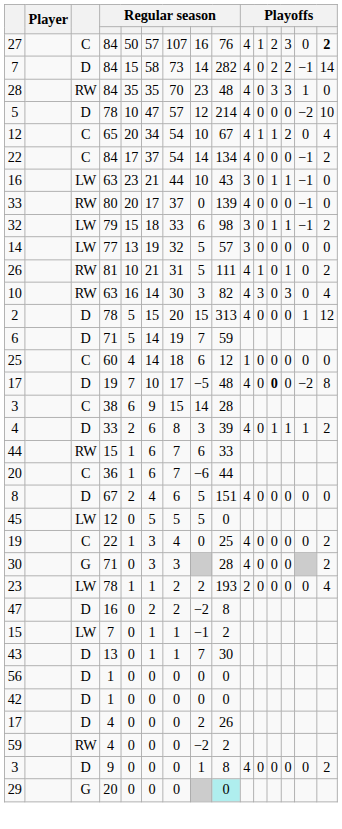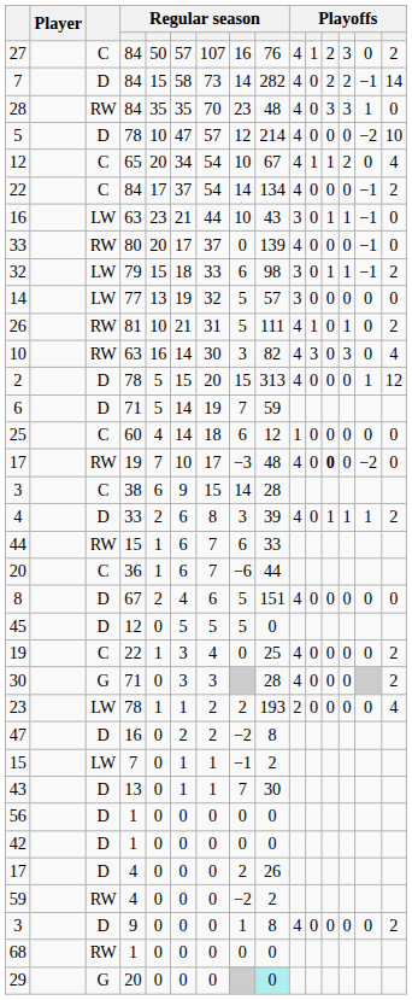 <table class="wikitable sortable plainrowheaders" style="text-align:center;">
 <tr>
 <th scope="col" data-sort-type="number" rowspan="2"></th>
 <th scope="col" rowspan="2">Player</th>
 <th scope="col" rowspan="2"></th>
 <th scope=colgroup colspan=6>Regular season</th>
 <th scope=colgroup colspan=6>Playoffs</th>
 </tr>
 <tr>
 <th scope="col" data-sort-type="number"></th>
 <th scope="col" data-sort-type="number"></th>
 <th scope="col" data-sort-type="number"></th>
 <th scope="col" data-sort-type="number"></th>
 <th scope="col" data-sort-type="number"></th>
 <th scope="col" data-sort-type="number"></th>
 <th scope="col" data-sort-type="number"></th>
 <th scope="col" data-sort-type="number"></th>
 <th scope="col" data-sort-type="number"></th>
 <th scope="col" data-sort-type="number"></th>
 <th scope="col" data-sort-type="number"></th>
 <th scope="col" data-sort-type="number"></th>
 </tr>
 <tr>
 <td scope="row">27</td>
 <td align="left"></td>
 <td>C</td>
 <td>84</td>
 <td>50</td>
 <td>57</td>
 <td>107</td>
 <td>16</td>
 <td>76</td>
 <td>4</td>
 <td>1</td>
 <td>2</td>
 <td>3</td>
 <td>0</td>
-<td><strong>2</strong></td>
+<td>2</td>
 </tr>
 <tr>
 <td scope="row">7</td>
 <td align="left"></td>
 <td>D</td>
 <td>84</td>
 <td>15</td>
 <td>58</td>
 <td>73</td>
 <td>14</td>
 <td>282</td>
 <td>4</td>
 <td>0</td>
 <td>2</td>
 <td>2</td>
 <td>−1</td>
 <td>14</td>
 </tr>
 <tr>
 <td scope="row">28</td>
 <td align="left"></td>
 <td>RW</td>
 <td>84</td>
 <td>35</td>
 <td>35</td>
 <td>70</td>
 <td>23</td>
 <td>48</td>
 <td>4</td>
 <td>0</td>
 <td>3</td>
 <td>3</td>
 <td>1</td>
 <td>0</td>
 </tr>
 <tr>
 <td scope="row">5</td>
 <td align="left"></td>
 <td>D</td>
 <td>78</td>
 <td>10</td>
 <td>47</td>
 <td>57</td>
 <td>12</td>
 <td>214</td>
 <td>4</td>
 <td>0</td>
 <td>0</td>
 <td>0</td>
 <td>−2</td>
 <td>10</td>
 </tr>
 <tr>
 <td scope="row">12</td>
 <td align="left"></td>
 <td>C</td>
 <td>65</td>
 <td>20</td>
 <td>34</td>
 <td>54</td>
 <td>10</td>
 <td>67</td>
 <td>4</td>
 <td>1</td>
 <td>1</td>
 <td>2</td>
 <td>0</td>
 <td>4</td>
 </tr>
 <tr>
 <td scope="row">22</td>
 <td align="left"></td>
 <td>C</td>
 <td>84</td>
 <td>17</td>
 <td>37</td>
 <td>54</td>
 <td>14</td>
 <td>134</td>
 <td>4</td>
 <td>0</td>
 <td>0</td>
 <td>0</td>
 <td>−1</td>
 <td>2</td>
 </tr>
 <tr>
 <td scope="row">16</td>
 <td align="left"></td>
 <td>LW</td>
 <td>63</td>
 <td>23</td>
 <td>21</td>
 <td>44</td>
 <td>10</td>
 <td>43</td>
 <td>3</td>
 <td>0</td>
 <td>1</td>
 <td>1</td>
 <td>−1</td>
 <td>0</td>
 </tr>
 <tr>
 <td scope="row">33</td>
 <td align="left"></td>
 <td>RW</td>
 <td>80</td>
 <td>20</td>
 <td>17</td>
 <td>37</td>
 <td>0</td>
 <td>139</td>
 <td>4</td>
 <td>0</td>
 <td>0</td>
 <td>0</td>
 <td>−1</td>
 <td>0</td>
 </tr>
 <tr>
 <td scope="row">32</td>
 <td align="left"></td>
 <td>LW</td>
 <td>79</td>
 <td>15</td>
 <td>18</td>
 <td>33</td>
 <td>6</td>
 <td>98</td>
 <td>3</td>
 <td>0</td>
 <td>1</td>
 <td>1</td>
 <td>−1</td>
 <td>2</td>
 </tr>
 <tr>
 <td scope="row">14</td>
 <td align="left"></td>
 <td>LW</td>
 <td>77</td>
 <td>13</td>
 <td>19</td>
 <td>32</td>
 <td>5</td>
 <td>57</td>
 <td>3</td>
 <td>0</td>
 <td>0</td>
 <td>0</td>
 <td>0</td>
 <td>0</td>
 </tr>
 <tr>
 <td scope="row">26</td>
 <td align="left"></td>
 <td>RW</td>
 <td>81</td>
 <td>10</td>
 <td>21</td>
 <td>31</td>
 <td>5</td>
 <td>111</td>
 <td>4</td>
 <td>1</td>
 <td>0</td>
 <td>1</td>
 <td>0</td>
 <td>2</td>
 </tr>
 <tr>
 <td scope="row">10</td>
 <td align="left"></td>
 <td>RW</td>
 <td>63</td>
 <td>16</td>
 <td>14</td>
 <td>30</td>
 <td>3</td>
 <td>82</td>
 <td>4</td>
 <td>3</td>
 <td>0</td>
 <td>3</td>
 <td>0</td>
 <td>4</td>
 </tr>
 <tr>
 <td scope="row">2</td>
 <td align="left"></td>
 <td>D</td>
 <td>78</td>
 <td>5</td>
 <td>15</td>
 <td>20</td>
 <td>15</td>
 <td>313</td>
 <td>4</td>
 <td>0</td>
 <td>0</td>
 <td>0</td>
 <td>1</td>
 <td>12</td>
 </tr>
 <tr>
 <td scope="row">6</td>
 <td align="left"></td>
 <td>D</td>
 <td>71</td>
 <td>5</td>
 <td>14</td>
 <td>19</td>
 <td>7</td>
 <td>59</td>
 <td></td>
 <td></td>
 <td></td>
 <td></td>
 <td></td>
 <td></td>
 </tr>
 <tr>
 <td scope="row">25</td>
 <td align="left"></td>
 <td>C</td>
 <td>60</td>
 <td>4</td>
 <td>14</td>
 <td>18</td>
 <td>6</td>
 <td>12</td>
 <td>1</td>
 <td>0</td>
 <td>0</td>
 <td>0</td>
 <td>0</td>
 <td>0</td>
 </tr>
 <tr>
 <td scope="row">17</td>
 <td align="left"></td>
-<td>D</td>
+<td>RW</td>
 <td>19</td>
 <td>7</td>
 <td>10</td>
 <td>17</td>
-<td>−5</td>
+<td>−3</td>
 <td>48</td>
 <td>4</td>
 <td>0</td>
 <td><strong>0</strong></td>
 <td>0</td>
 <td>−2</td>
-<td>8</td>
+<td>0</td>
 </tr>
 <tr>
 <td scope="row">3</td>
 <td align="left"></td>
 <td>C</td>
 <td>38</td>
 <td>6</td>
 <td>9</td>
 <td>15</td>
 <td>14</td>
 <td>28</td>
 <td></td>
 <td></td>
 <td></td>
 <td></td>
 <td></td>
 <td></td>
 </tr>
 <tr>
 <td scope="row">4</td>
 <td align="left"></td>
 <td>D</td>
 <td>33</td>
 <td>2</td>
 <td>6</td>
 <td>8</td>
 <td>3</td>
 <td>39</td>
 <td>4</td>
 <td>0</td>
 <td>1</td>
 <td>1</td>
 <td>1</td>
 <td>2</td>
 </tr>
 <tr>
 <td scope="row">44</td>
 <td align="left"></td>
 <td>RW</td>
 <td>15</td>
 <td>1</td>
 <td>6</td>
 <td>7</td>
 <td>6</td>
 <td>33</td>
 <td></td>
 <td></td>
 <td></td>
 <td></td>
 <td></td>
 <td></td>
 </tr>
 <tr>
 <td scope="row">20</td>
 <td align="left"></td>
 <td>C</td>
 <td>36</td>
 <td>1</td>
 <td>6</td>
 <td>7</td>
 <td>−6</td>
 <td>44</td>
 <td></td>
 <td></td>
 <td></td>
 <td></td>
 <td></td>
 <td></td>
 </tr>
 <tr>
 <td scope="row">8</td>
 <td align="left"></td>
 <td>D</td>
 <td>67</td>
 <td>2</td>
 <td>4</td>
 <td>6</td>
 <td>5</td>
 <td>151</td>
 <td>4</td>
 <td>0</td>
 <td>0</td>
 <td>0</td>
 <td>0</td>
 <td>0</td>
 </tr>
 <tr>
 <td scope="row">45</td>
 <td align="left"></td>
-<td>LW</td>
+<td>D</td>
 <td>12</td>
 <td>0</td>
 <td>5</td>
 <td>5</td>
 <td>5</td>
 <td>0</td>
 <td></td>
 <td></td>
 <td></td>
 <td></td>
 <td></td>
 <td></td>
 </tr>
 <tr>
 <td scope="row">19</td>
 <td align="left"></td>
 <td>C</td>
 <td>22</td>
 <td>1</td>
 <td>3</td>
 <td>4</td>
 <td>0</td>
 <td>25</td>
 <td>4</td>
 <td>0</td>
 <td>0</td>
 <td>0</td>
 <td>0</td>
 <td>2</td>
 </tr>
 <tr>
 <td scope="row">30</td>
 <td align="left"></td>
 <td>G</td>
 <td>71</td>
 <td>0</td>
 <td>3</td>
 <td>3</td>
 <td style="background:#ccc"></td>
 <td>28</td>
 <td>4</td>
 <td>0</td>
 <td>0</td>
 <td>0</td>
 <td style="background:#ccc"></td>
 <td>2</td>
 </tr>
 <tr>
 <td scope="row">23</td>
 <td align="left"></td>
 <td>LW</td>
 <td>78</td>
 <td>1</td>
 <td>1</td>
 <td>2</td>
 <td>2</td>
 <td>193</td>
 <td>2</td>
 <td>0</td>
 <td>0</td>
 <td>0</td>
 <td>0</td>
 <td>4</td>
 </tr>
 <tr>
 <td scope="row">47</td>
 <td align="left"></td>
 <td>D</td>
 <td>16</td>
 <td>0</td>
 <td>2</td>
 <td>2</td>
 <td>−2</td>
 <td>8</td>
 <td></td>
 <td></td>
 <td></td>
 <td></td>
 <td></td>
 <td></td>
 </tr>
 <tr>
 <td scope="row">15</td>
 <td align="left"></td>
 <td>LW</td>
 <td>7</td>
 <td>0</td>
 <td>1</td>
 <td>1</td>
 <td>−1</td>
 <td>2</td>
 <td></td>
 <td></td>
 <td></td>
 <td></td>
 <td></td>
 <td></td>
 </tr>
 <tr>
 <td scope="row">43</td>
 <td align="left"></td>
 <td>D</td>
 <td>13</td>
 <td>0</td>
 <td>1</td>
 <td>1</td>
 <td>7</td>
 <td>30</td>
 <td></td>
 <td></td>
 <td></td>
 <td></td>
 <td></td>
 <td></td>
 </tr>
 <tr>
 <td scope="row">56</td>
 <td align="left"></td>
 <td>D</td>
 <td>1</td>
 <td>0</td>
 <td>0</td>
 <td>0</td>
 <td>0</td>
 <td>0</td>
 <td></td>
 <td></td>
 <td></td>
 <td></td>
 <td></td>
 <td></td>
 </tr>
 <tr>
 <td scope="row">42</td>
 <td align="left"></td>
 <td>D</td>
 <td>1</td>
 <td>0</td>
 <td>0</td>
 <td>0</td>
 <td>0</td>
 <td>0</td>
 <td></td>
 <td></td>
 <td></td>
 <td></td>
 <td></td>
 <td></td>
 </tr>
 <tr>
 <td scope="row">17</td>
 <td align="left"></td>
 <td>D</td>
 <td>4</td>
 <td>0</td>
 <td>0</td>
 <td>0</td>
 <td>2</td>
 <td>26</td>
 <td></td>
 <td></td>
 <td></td>
 <td></td>
 <td></td>
 <td></td>
 </tr>
 <tr>
 <td scope="row">59</td>
 <td align="left"></td>
 <td>RW</td>
 <td>4</td>
 <td>0</td>
 <td>0</td>
 <td>0</td>
 <td>−2</td>
 <td>2</td>
 <td></td>
 <td></td>
 <td></td>
 <td></td>
 <td></td>
 <td></td>
 </tr>
 <tr>
 <td scope="row">3</td>
 <td align="left"></td>
 <td>D</td>
 <td>9</td>
 <td>0</td>
 <td>0</td>
 <td>0</td>
 <td>1</td>
 <td>8</td>
 <td>4</td>
 <td>0</td>
 <td>0</td>
 <td>0</td>
 <td>0</td>
 <td>2</td>
 </tr>
 <tr>
+<td scope="row">68</td>
+<td align="left"></td>
+<td>RW</td>
+<td>1</td>
+<td>0</td>
+<td>0</td>
+<td>0</td>
+<td>0</td>
+<td>0</td>
+<td></td>
+<td></td>
+<td></td>
+<td></td>
+<td></td>
+<td></td>
+</tr>
+<tr>
 <td scope="row">29</td>
 <td align="left"></td>
 <td>G</td>
 <td>20</td>
 <td>0</td>
 <td>0</td>
 <td>0</td>
 <td style="background:#ccc"></td>
 <td style="background: paleturquoise;">0</td>
 <td></td>
 <td></td>
 <td></td>
 <td></td>
 <td></td>
 <td></td>
 </tr>
 </table>
